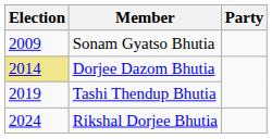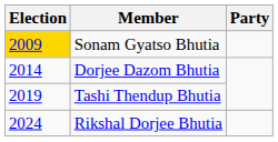 <table class="wikitable sortable">
 <tr>
 <th>Election</th>
 <th>Member</th>
 <th colspan=2>Party</th>
 </tr>
 <tr>
-<td><a href='#'>2009</a></td>
+<td style="background: gold;"><a href='#'>2009</a></td>
 <td>Sonam Gyatso Bhutia</td>
 <td></td>
 </tr>
 <tr>
-<td style="background: khaki;"><a href='#'>2014</a></td>
+<td><a href='#'>2014</a></td>
 <td><a href='#'>Dorjee Dazom Bhutia</a></td>
 </tr>
 <tr>
 <td><a href='#'>2019</a></td>
 <td><a href='#'>Tashi Thendup Bhutia</a></td>
 </tr>
 <tr>
 <td><a href='#'>2024</a></td>
 <td><a href='#'>Rikshal Dorjee Bhutia</a></td>
 <td></td>
 </tr>
 </table>
